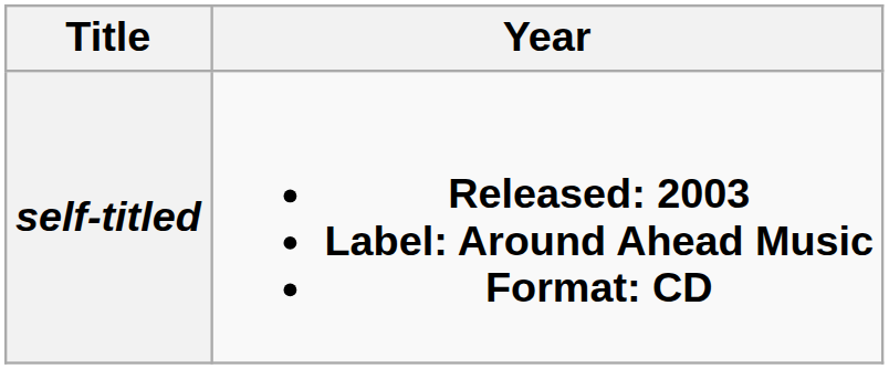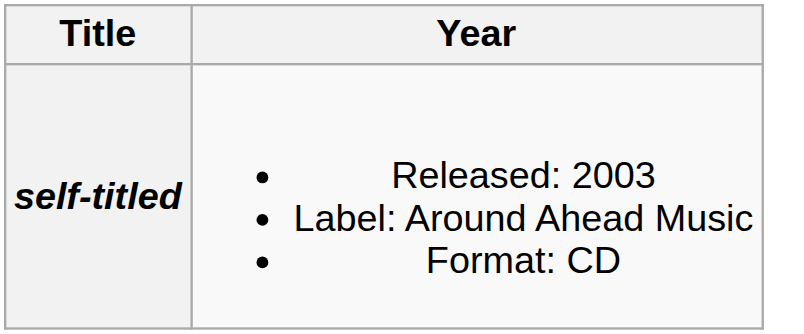 <table class="wikitable plainrowheaders" style="text-align:center;" border="1">
 <tr>
 <th scope="col">Title</th>
 <th scope="col">Year</th>
 </tr>
 <tr>
 <th scope="row"><em>self-titled</em></th>
-<td><strong><br><ul><li>Released: 2003</li><li>Label: Around Ahead Music</li><li>Format: CD</li></ul></strong></td>
+<td><br><ul><li>Released: 2003</li><li>Label: Around Ahead Music</li><li>Format: CD</li></ul></td>
 </tr>
 </table>
